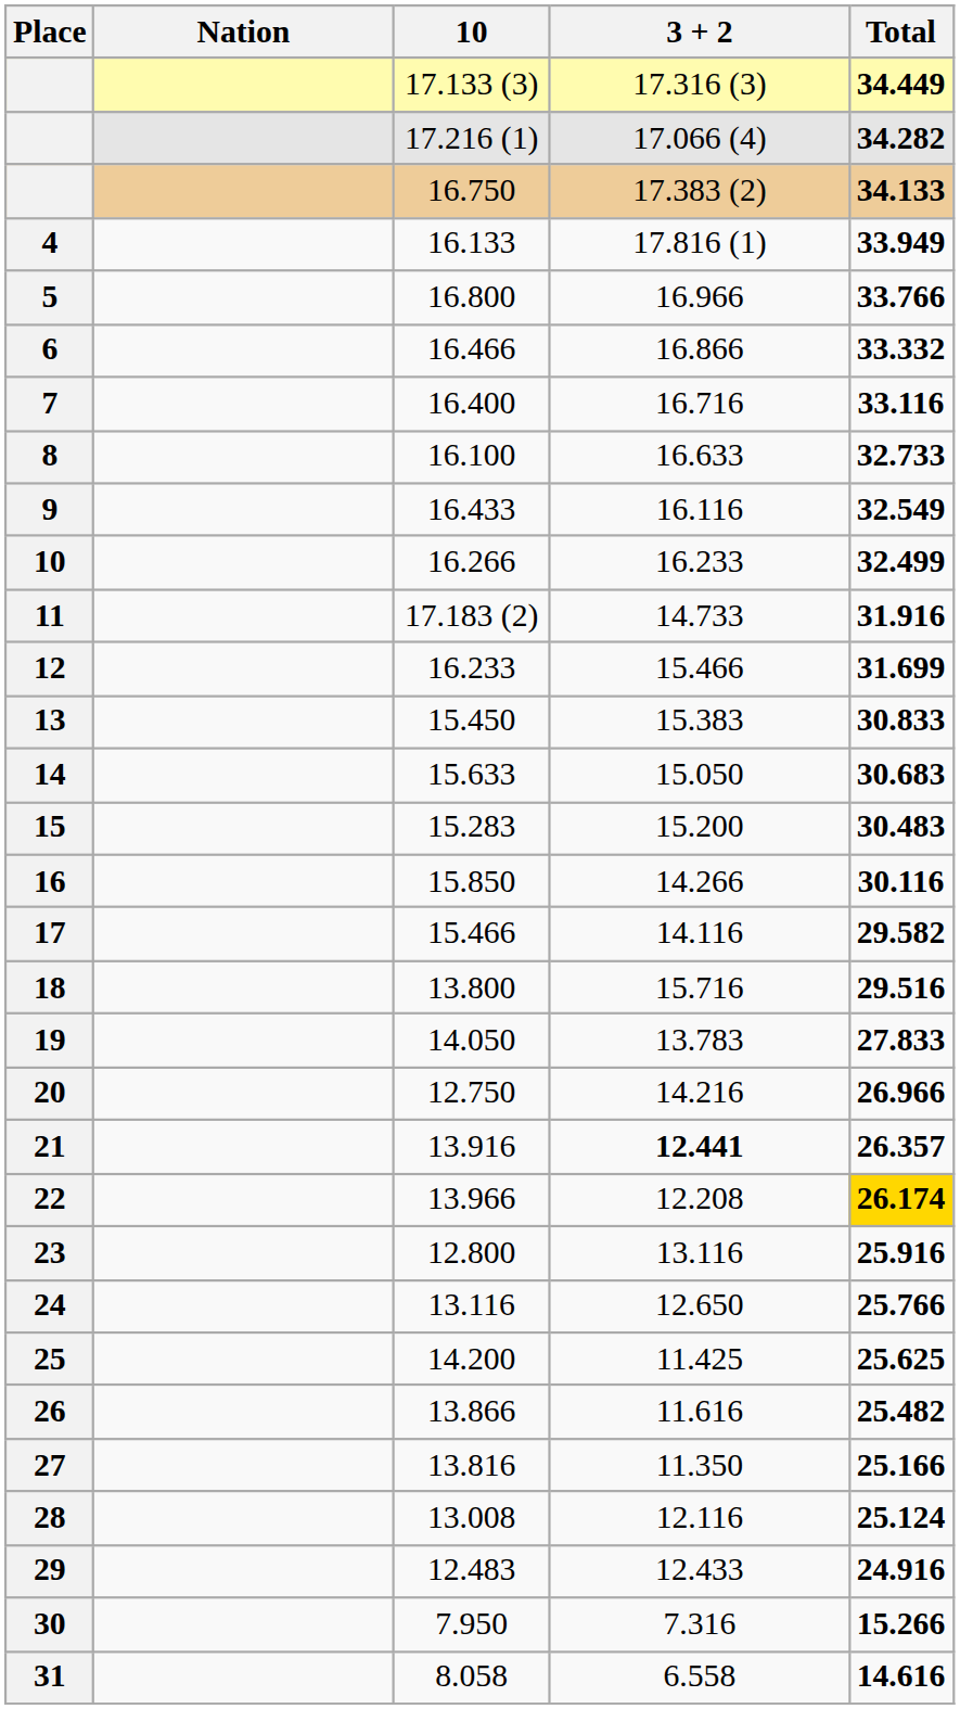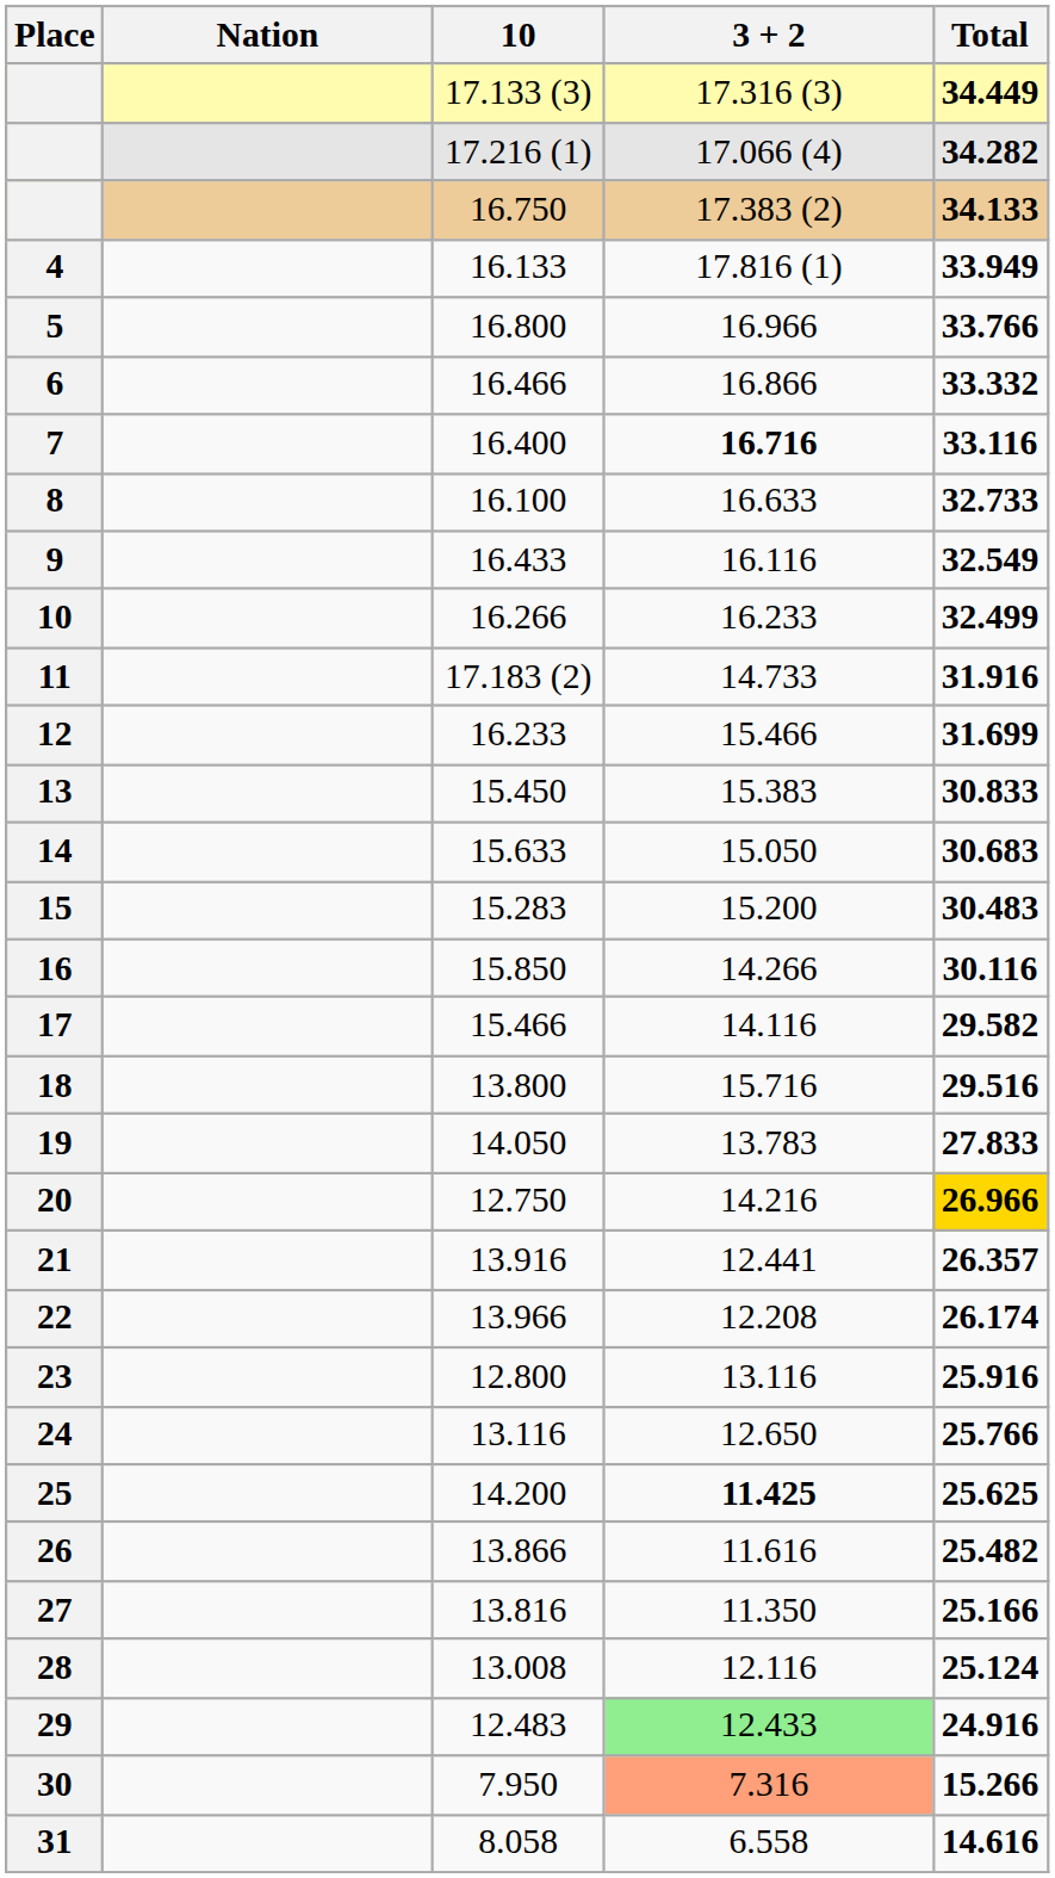 <table class="wikitable sortable" style="text-align:center; font-size:85%">
 <tr>
 <th scope="col" style="width:20px;">Place</th>
 <th ! scope="col" style="width:120px;">Nation</th>
 <th ! scope="col" style="width:60px;">10 </th>
 <th ! scope="col" style="width:120px;">3  + 2 </th>
 <th scope=col>Total</th>
 </tr>
 <tr bgcolor=fffcaf>
 <th scope=row></th>
 <td align=left></td>
 <td>17.133 (3)</td>
 <td>17.316 (3)</td>
 <td><strong>34.449</strong></td>
 </tr>
 <tr bgcolor=e5e5e5>
 <th scope=row></th>
 <td align=left></td>
 <td>17.216 (1)</td>
 <td>17.066 (4)</td>
 <td><strong>34.282</strong></td>
 </tr>
 <tr bgcolor=eecc99>
 <th scope=row></th>
 <td align=left></td>
 <td>16.750</td>
 <td>17.383 (2)</td>
 <td><strong>34.133</strong></td>
 </tr>
 <tr>
 <th scope=row>4</th>
 <td align=left></td>
 <td>16.133</td>
 <td>17.816 (1)</td>
 <td><strong>33.949</strong></td>
 </tr>
 <tr>
 <th scope=row>5</th>
 <td align=left></td>
 <td>16.800</td>
 <td>16.966</td>
 <td><strong>33.766</strong></td>
 </tr>
 <tr>
 <th scope=row>6</th>
 <td align=left></td>
 <td>16.466</td>
 <td>16.866</td>
 <td><strong>33.332</strong></td>
 </tr>
 <tr>
 <th scope=row>7</th>
 <td align=left></td>
 <td>16.400</td>
-<td>16.716</td>
+<td><strong>16.716</strong></td>
 <td><strong>33.116</strong></td>
 </tr>
 <tr>
 <th scope=row>8</th>
 <td align=left></td>
 <td>16.100</td>
 <td>16.633</td>
 <td><strong>32.733</strong></td>
 </tr>
 <tr>
 <th scope=row>9</th>
 <td align=left></td>
 <td>16.433</td>
 <td>16.116</td>
 <td><strong>32.549</strong></td>
 </tr>
 <tr>
 <th scope=row>10</th>
 <td align=left></td>
 <td>16.266</td>
 <td>16.233</td>
 <td><strong>32.499</strong></td>
 </tr>
 <tr>
 <th scope=row>11</th>
 <td align=left></td>
 <td>17.183 (2)</td>
 <td>14.733</td>
 <td><strong>31.916</strong></td>
 </tr>
 <tr>
 <th scope=row>12</th>
 <td align=left></td>
 <td>16.233</td>
 <td>15.466</td>
 <td><strong>31.699</strong></td>
 </tr>
 <tr>
 <th scope=row>13</th>
 <td align=left></td>
 <td>15.450</td>
 <td>15.383</td>
 <td><strong>30.833</strong></td>
 </tr>
 <tr>
 <th scope=row>14</th>
 <td align=left></td>
 <td>15.633</td>
 <td>15.050</td>
 <td><strong>30.683</strong></td>
 </tr>
 <tr>
 <th scope=row>15</th>
 <td align=left></td>
 <td>15.283</td>
 <td>15.200</td>
 <td><strong>30.483</strong></td>
 </tr>
 <tr>
 <th scope=row>16</th>
 <td align=left></td>
 <td>15.850</td>
 <td>14.266</td>
 <td><strong>30.116</strong></td>
 </tr>
 <tr>
 <th scope=row>17</th>
 <td align=left></td>
 <td>15.466</td>
 <td>14.116</td>
 <td><strong>29.582</strong></td>
 </tr>
 <tr>
 <th scope=row>18</th>
 <td align=left></td>
 <td>13.800</td>
 <td>15.716</td>
 <td><strong>29.516</strong></td>
 </tr>
 <tr>
 <th scope=row>19</th>
 <td align=left></td>
 <td>14.050</td>
 <td>13.783</td>
 <td><strong>27.833</strong></td>
 </tr>
 <tr>
 <th scope=row>20</th>
 <td align=left></td>
 <td>12.750</td>
 <td>14.216</td>
-<td><strong>26.966</strong></td>
+<td style="background: gold;"><strong>26.966</strong></td>
 </tr>
 <tr>
 <th scope=row>21</th>
 <td align=left></td>
 <td>13.916</td>
-<td><strong>12.441</strong></td>
+<td>12.441</td>
 <td><strong>26.357</strong></td>
 </tr>
 <tr>
 <th scope=row>22</th>
 <td align=left></td>
 <td>13.966</td>
 <td>12.208</td>
-<td style="background: gold;"><strong>26.174</strong></td>
+<td><strong>26.174</strong></td>
 </tr>
 <tr>
 <th scope=row>23</th>
 <td align=left></td>
 <td>12.800</td>
 <td>13.116</td>
 <td><strong>25.916</strong></td>
 </tr>
 <tr>
 <th scope=row>24</th>
 <td align=left></td>
 <td>13.116</td>
 <td>12.650</td>
 <td><strong>25.766</strong></td>
 </tr>
 <tr>
 <th scope=row>25</th>
 <td align=left></td>
 <td>14.200</td>
-<td>11.425</td>
+<td><strong>11.425</strong></td>
 <td><strong>25.625</strong></td>
 </tr>
 <tr>
 <th scope=row>26</th>
 <td align=left></td>
 <td>13.866</td>
 <td>11.616</td>
 <td><strong>25.482</strong></td>
 </tr>
 <tr>
 <th scope=row>27</th>
 <td align=left></td>
 <td>13.816</td>
 <td>11.350</td>
 <td><strong>25.166</strong></td>
 </tr>
 <tr>
 <th scope=row>28</th>
 <td align=left></td>
 <td>13.008</td>
 <td>12.116</td>
 <td><strong>25.124</strong></td>
 </tr>
 <tr>
 <th scope=row>29</th>
 <td align=left></td>
 <td>12.483</td>
-<td>12.433</td>
+<td style="background: lightgreen;">12.433</td>
 <td><strong>24.916</strong></td>
 </tr>
 <tr>
 <th scope=row>30</th>
 <td align=left></td>
 <td>7.950</td>
-<td>7.316</td>
+<td style="background: lightsalmon;">7.316</td>
 <td><strong>15.266</strong></td>
 </tr>
 <tr>
 <th scope=row>31</th>
 <td align=left></td>
 <td>8.058</td>
 <td>6.558</td>
 <td><strong>14.616</strong></td>
 </tr>
 <tr>
 </tr>
 </table>
